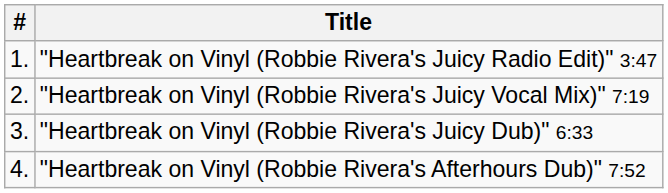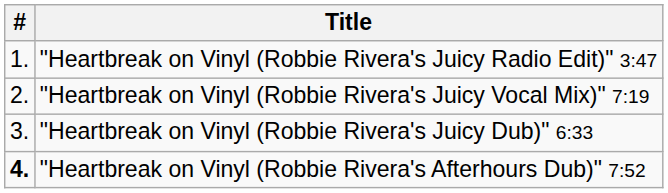 <table class="wikitable">
 <tr>
 <th>#</th>
 <th>Title</th>
 </tr>
 <tr>
 <td>1.</td>
 <td>"Heartbreak on Vinyl (Robbie Rivera's Juicy Radio Edit)" <small>3:47</small></td>
 </tr>
 <tr>
 <td>2.</td>
 <td>"Heartbreak on Vinyl (Robbie Rivera's Juicy Vocal Mix)" <small>7:19</small></td>
 </tr>
 <tr>
 <td>3.</td>
 <td>"Heartbreak on Vinyl (Robbie Rivera's Juicy Dub)" <small>6:33</small></td>
 </tr>
 <tr>
-<td>4.</td>
+<td><strong>4.</strong></td>
 <td>"Heartbreak on Vinyl (Robbie Rivera's Afterhours Dub)" <small>7:52</small></td>
 </tr>
 </table>
